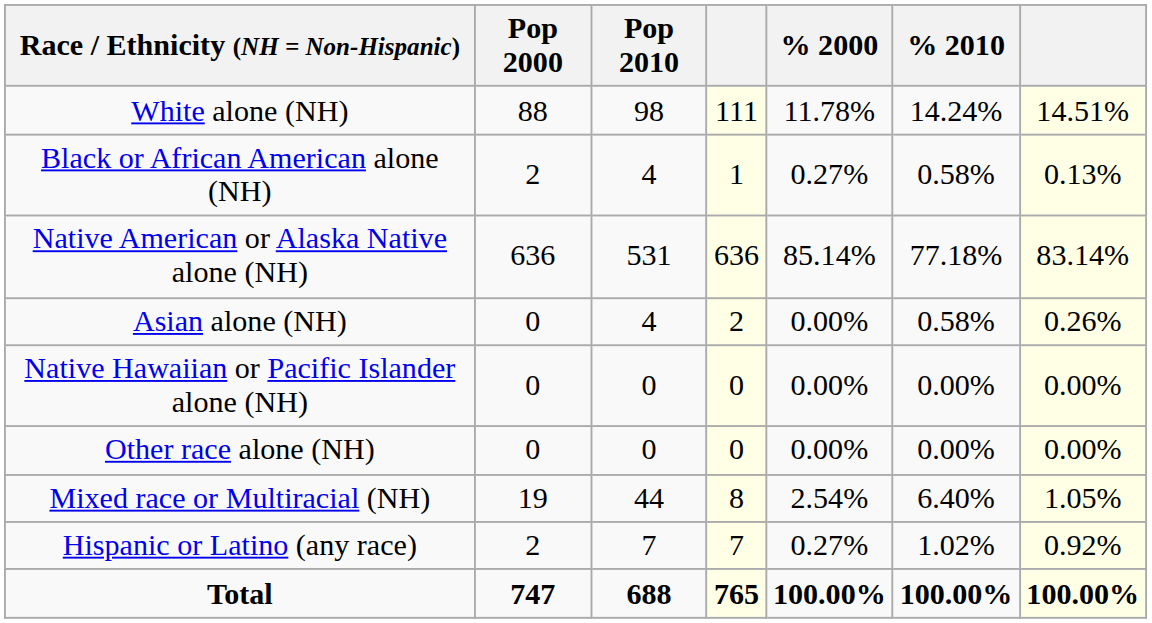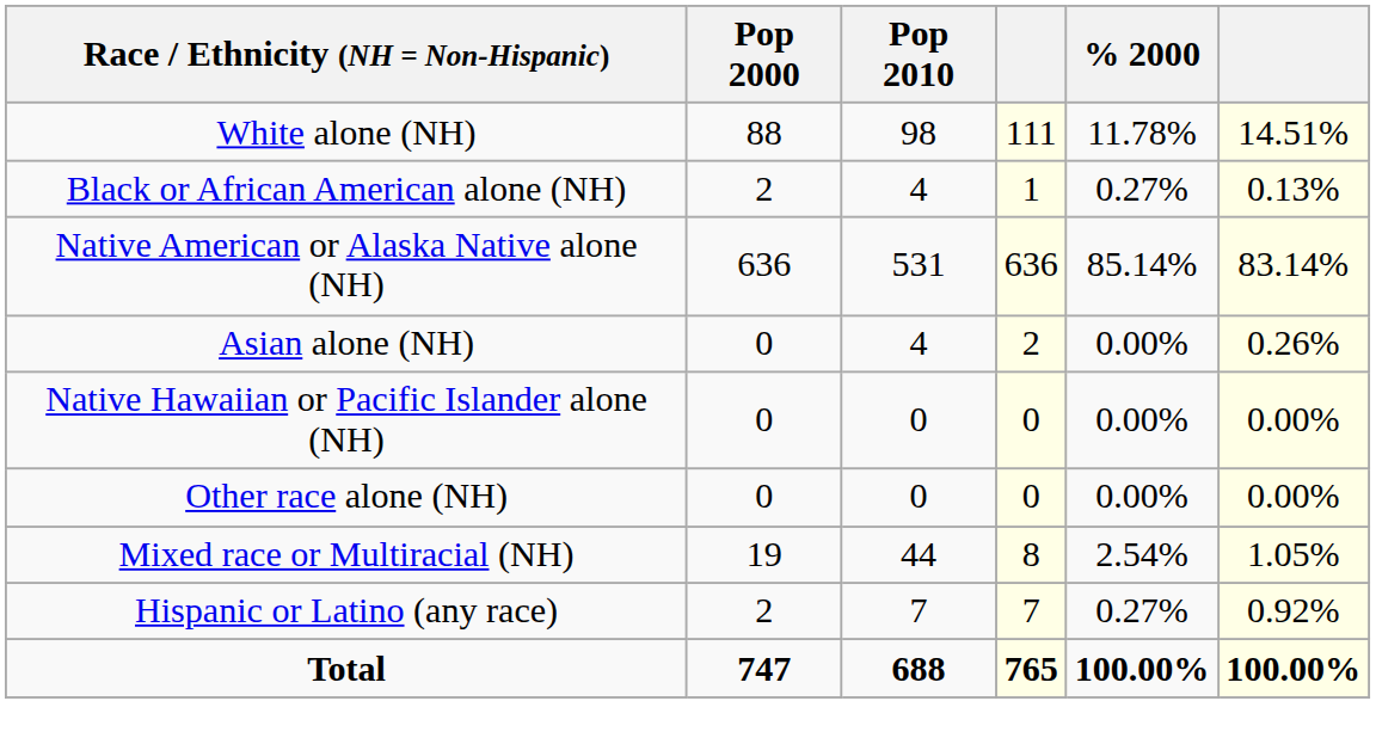 <table class="wikitable" style="text-align:center;">
 <tr>
 <th>Race / Ethnicity <small>(<em>NH = Non-Hispanic</em>)</small></th>
 <th>Pop 2000</th>
 <th>Pop 2010</th>
 <th></th>
 <th>% 2000</th>
-<th>% 2010</th>
 <th></th>
 </tr>
 <tr>
 <td><a href='#'>White</a> alone (NH)</td>
 <td>88</td>
 <td>98</td>
 <td style='background: #ffffe6;'>111</td>
 <td>11.78%</td>
-<td>14.24%</td>
 <td style='background: #ffffe6;'>14.51%</td>
 </tr>
 <tr>
 <td><a href='#'>Black or African American</a> alone (NH)</td>
 <td>2</td>
 <td>4</td>
 <td style='background: #ffffe6;'>1</td>
 <td>0.27%</td>
-<td>0.58%</td>
 <td style='background: #ffffe6;'>0.13%</td>
 </tr>
 <tr>
 <td><a href='#'>Native American</a> or <a href='#'>Alaska Native</a> alone (NH)</td>
 <td>636</td>
 <td>531</td>
 <td style='background: #ffffe6;'>636</td>
 <td>85.14%</td>
-<td>77.18%</td>
 <td style='background: #ffffe6;'>83.14%</td>
 </tr>
 <tr>
 <td><a href='#'>Asian</a> alone (NH)</td>
 <td>0</td>
 <td>4</td>
 <td style='background: #ffffe6;'>2</td>
 <td>0.00%</td>
-<td>0.58%</td>
 <td style='background: #ffffe6;'>0.26%</td>
 </tr>
 <tr>
 <td><a href='#'>Native Hawaiian</a> or <a href='#'>Pacific Islander</a> alone (NH)</td>
 <td>0</td>
 <td>0</td>
 <td style='background: #ffffe6;'>0</td>
-<td>0.00%</td>
 <td>0.00%</td>
 <td style='background: #ffffe6;'>0.00%</td>
 </tr>
 <tr>
 <td><a href='#'>Other race</a> alone (NH)</td>
 <td>0</td>
 <td>0</td>
 <td style='background: #ffffe6;'>0</td>
 <td>0.00%</td>
-<td>0.00%</td>
 <td style='background: #ffffe6;'>0.00%</td>
 </tr>
 <tr>
 <td><a href='#'>Mixed race or Multiracial</a> (NH)</td>
 <td>19</td>
 <td>44</td>
 <td style='background: #ffffe6;'>8</td>
 <td>2.54%</td>
-<td>6.40%</td>
 <td style='background: #ffffe6;'>1.05%</td>
 </tr>
 <tr>
 <td><a href='#'>Hispanic or Latino</a> (any race)</td>
 <td>2</td>
 <td>7</td>
 <td style='background: #ffffe6;'>7</td>
 <td>0.27%</td>
-<td>1.02%</td>
 <td style='background: #ffffe6;'>0.92%</td>
 </tr>
 <tr>
 <td><strong>Total</strong></td>
 <td><strong>747</strong></td>
 <td><strong>688</strong></td>
 <td style='background: #ffffe6;'><strong>765</strong></td>
 <td><strong>100.00%</strong></td>
-<td><strong>100.00%</strong></td>
 <td style='background: #ffffe6;'><strong>100.00%</strong></td>
 </tr>
 </table>
